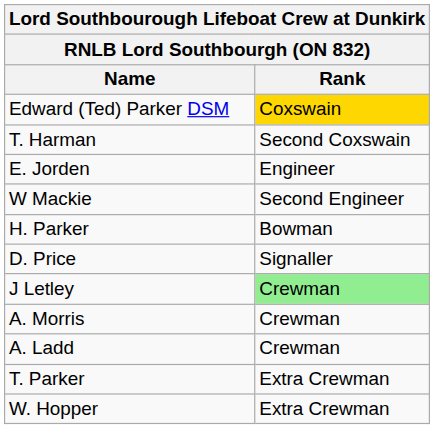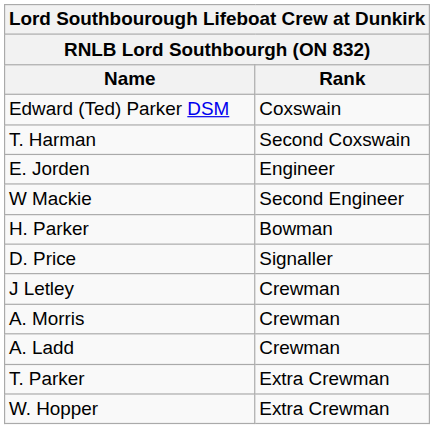 <table class="wikitable floatright">
 <tr ---->
 <th colspan=3>Lord Southbourough Lifeboat Crew at Dunkirk</th>
 </tr>
 <tr ---->
 <th colspan=3>RNLB Lord Southbourgh (ON 832)</th>
 </tr>
 <tr ---->
 <th>Name</th>
 <th>Rank</th>
 </tr>
 <tr ---->
 <td>Edward (Ted) Parker <a href='#'>DSM</a></td>
-<td style="background: gold;">Coxswain</td>
+<td>Coxswain</td>
 </tr>
 <tr ---->
 <td>T. Harman</td>
 <td>Second Coxswain</td>
 </tr>
 <tr ---->
 <td>E. Jorden</td>
 <td>Engineer</td>
 </tr>
 <tr ---->
 <td>W Mackie</td>
 <td>Second Engineer</td>
 </tr>
 <tr ---->
 <td>H. Parker</td>
 <td>Bowman</td>
 </tr>
 <tr ---->
 <td>D. Price</td>
 <td>Signaller</td>
 </tr>
 <tr ---->
 <td>J Letley</td>
-<td style="background: lightgreen;">Crewman</td>
+<td>Crewman</td>
 </tr>
 <tr ---->
 <td>A. Morris</td>
 <td>Crewman</td>
 </tr>
 <tr ---->
 <td>A. Ladd</td>
 <td>Crewman</td>
 </tr>
 <tr ---->
 <td>T. Parker</td>
 <td>Extra Crewman</td>
 </tr>
 <tr ---->
 <td>W. Hopper</td>
 <td>Extra Crewman</td>
 </tr>
 </table>
